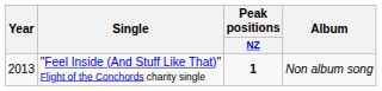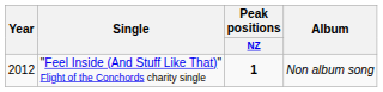 <table class="wikitable" style="text-align:center;">
 <tr>
 <th rowspan="2">Year</th>
 <th rowspan="2">Single</th>
 <th colspan="1">Peak positions</th>
 <th rowspan="2">Album</th>
 </tr>
 <tr style="font-size:smaller;">
 <th width="30"><a href='#'>NZ</a></th>
 </tr>
 <tr>
-<td>2013</td>
+<td>2012</td>
 <td align="left">"<a href='#'>Feel Inside (And Stuff Like That)</a>" <br><small><a href='#'>Flight of the Conchords</a> charity single</small></td>
 <td><strong>1</strong></td>
 <td><em>Non album song</em></td>
 </tr>
 </table>
